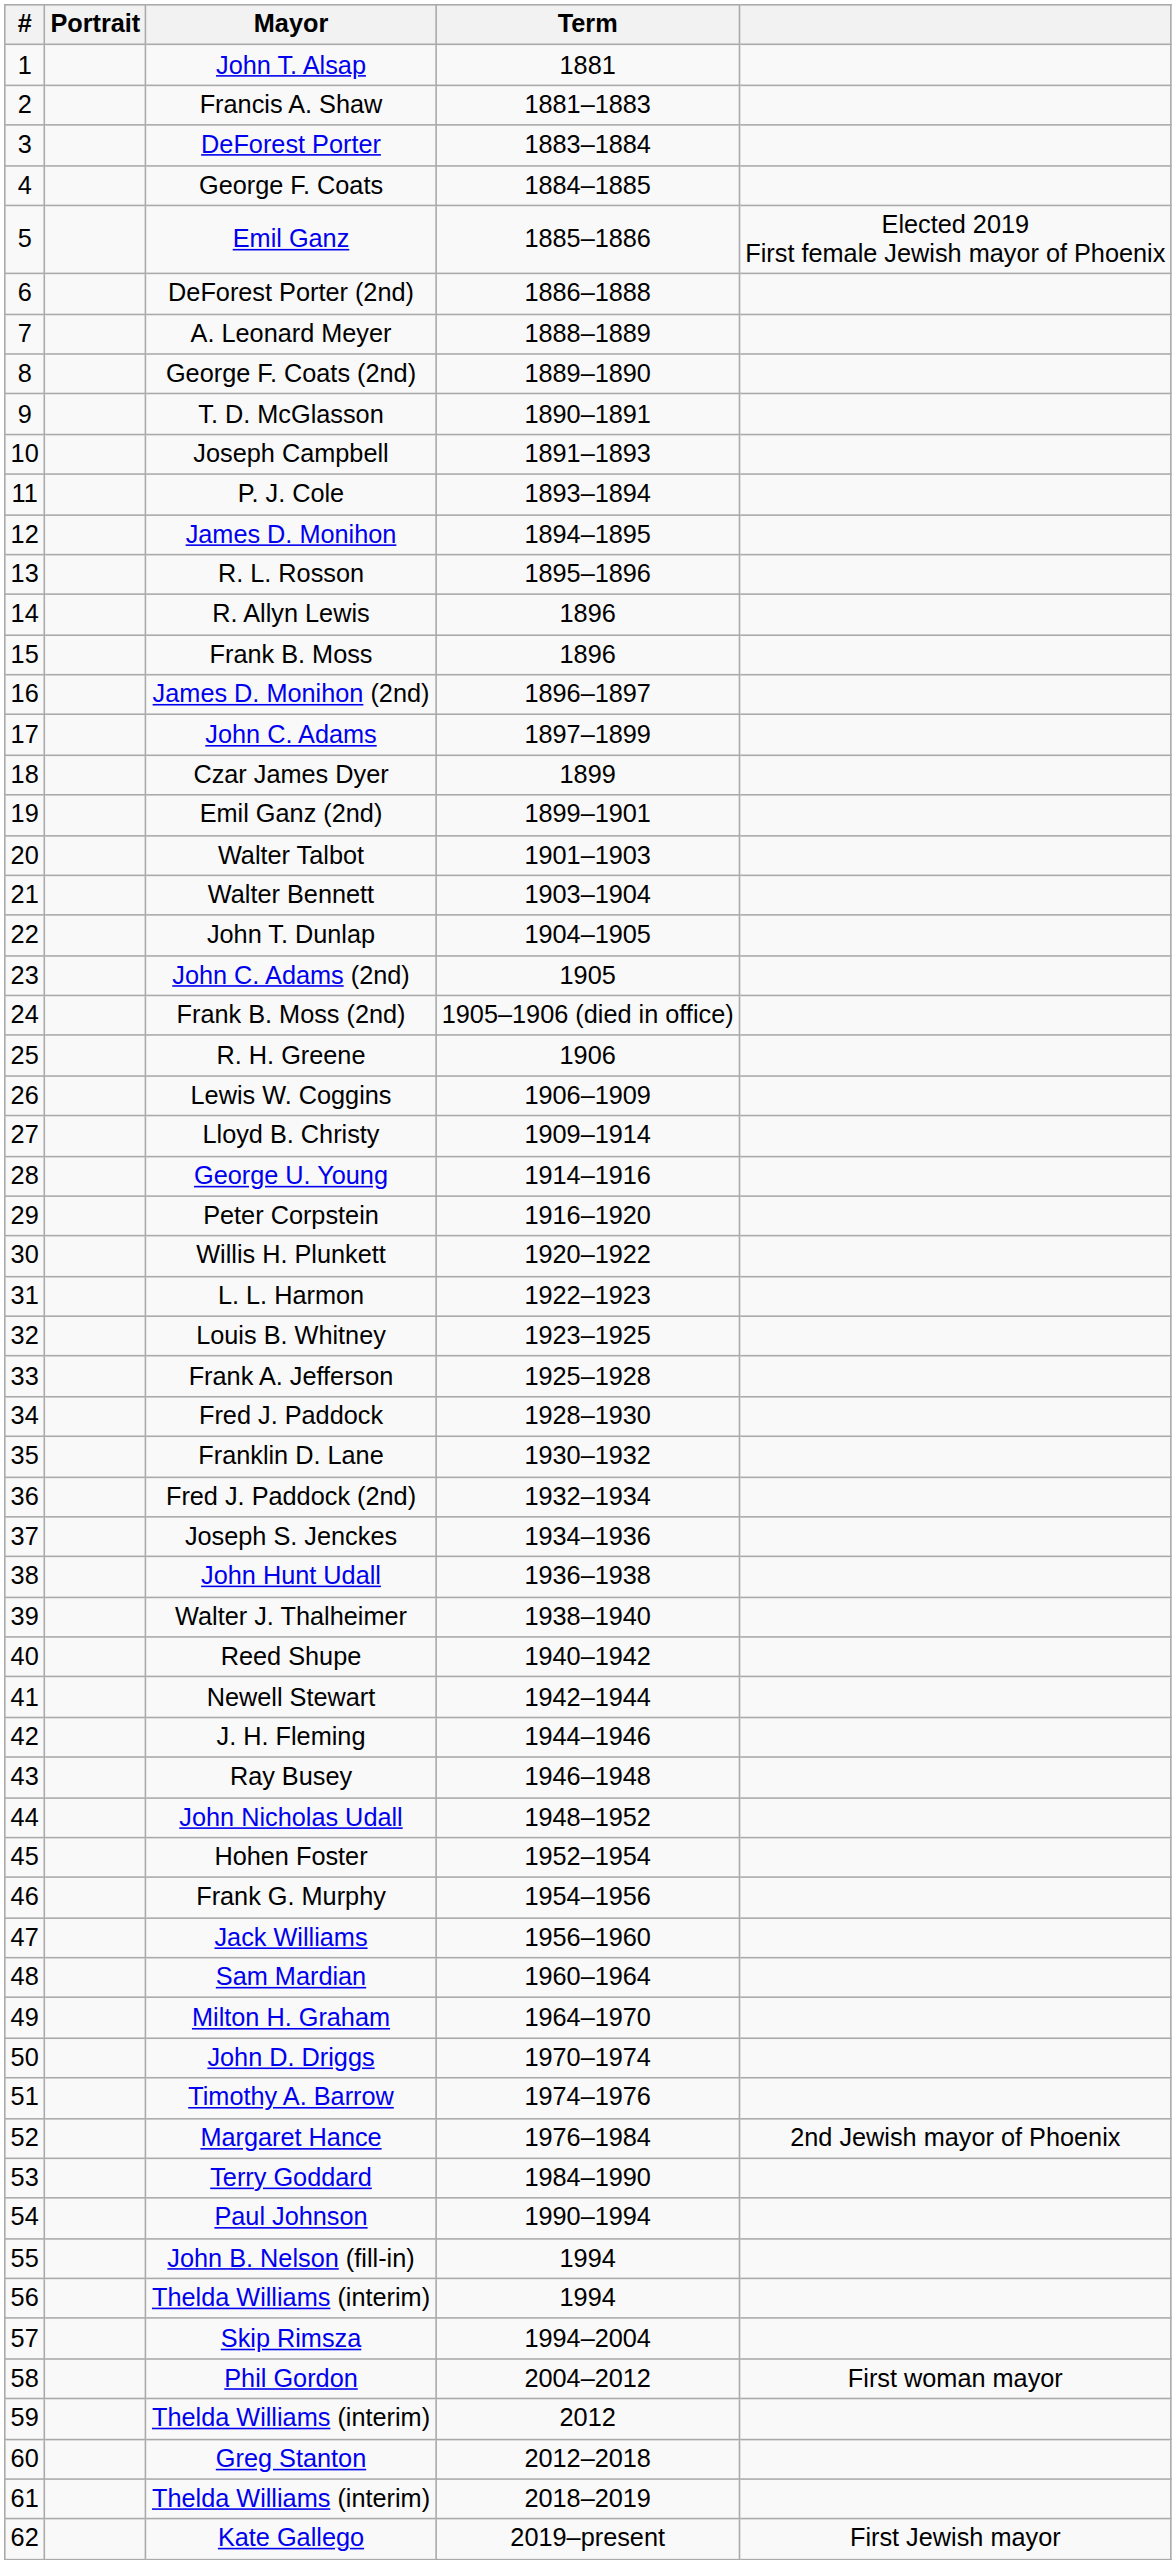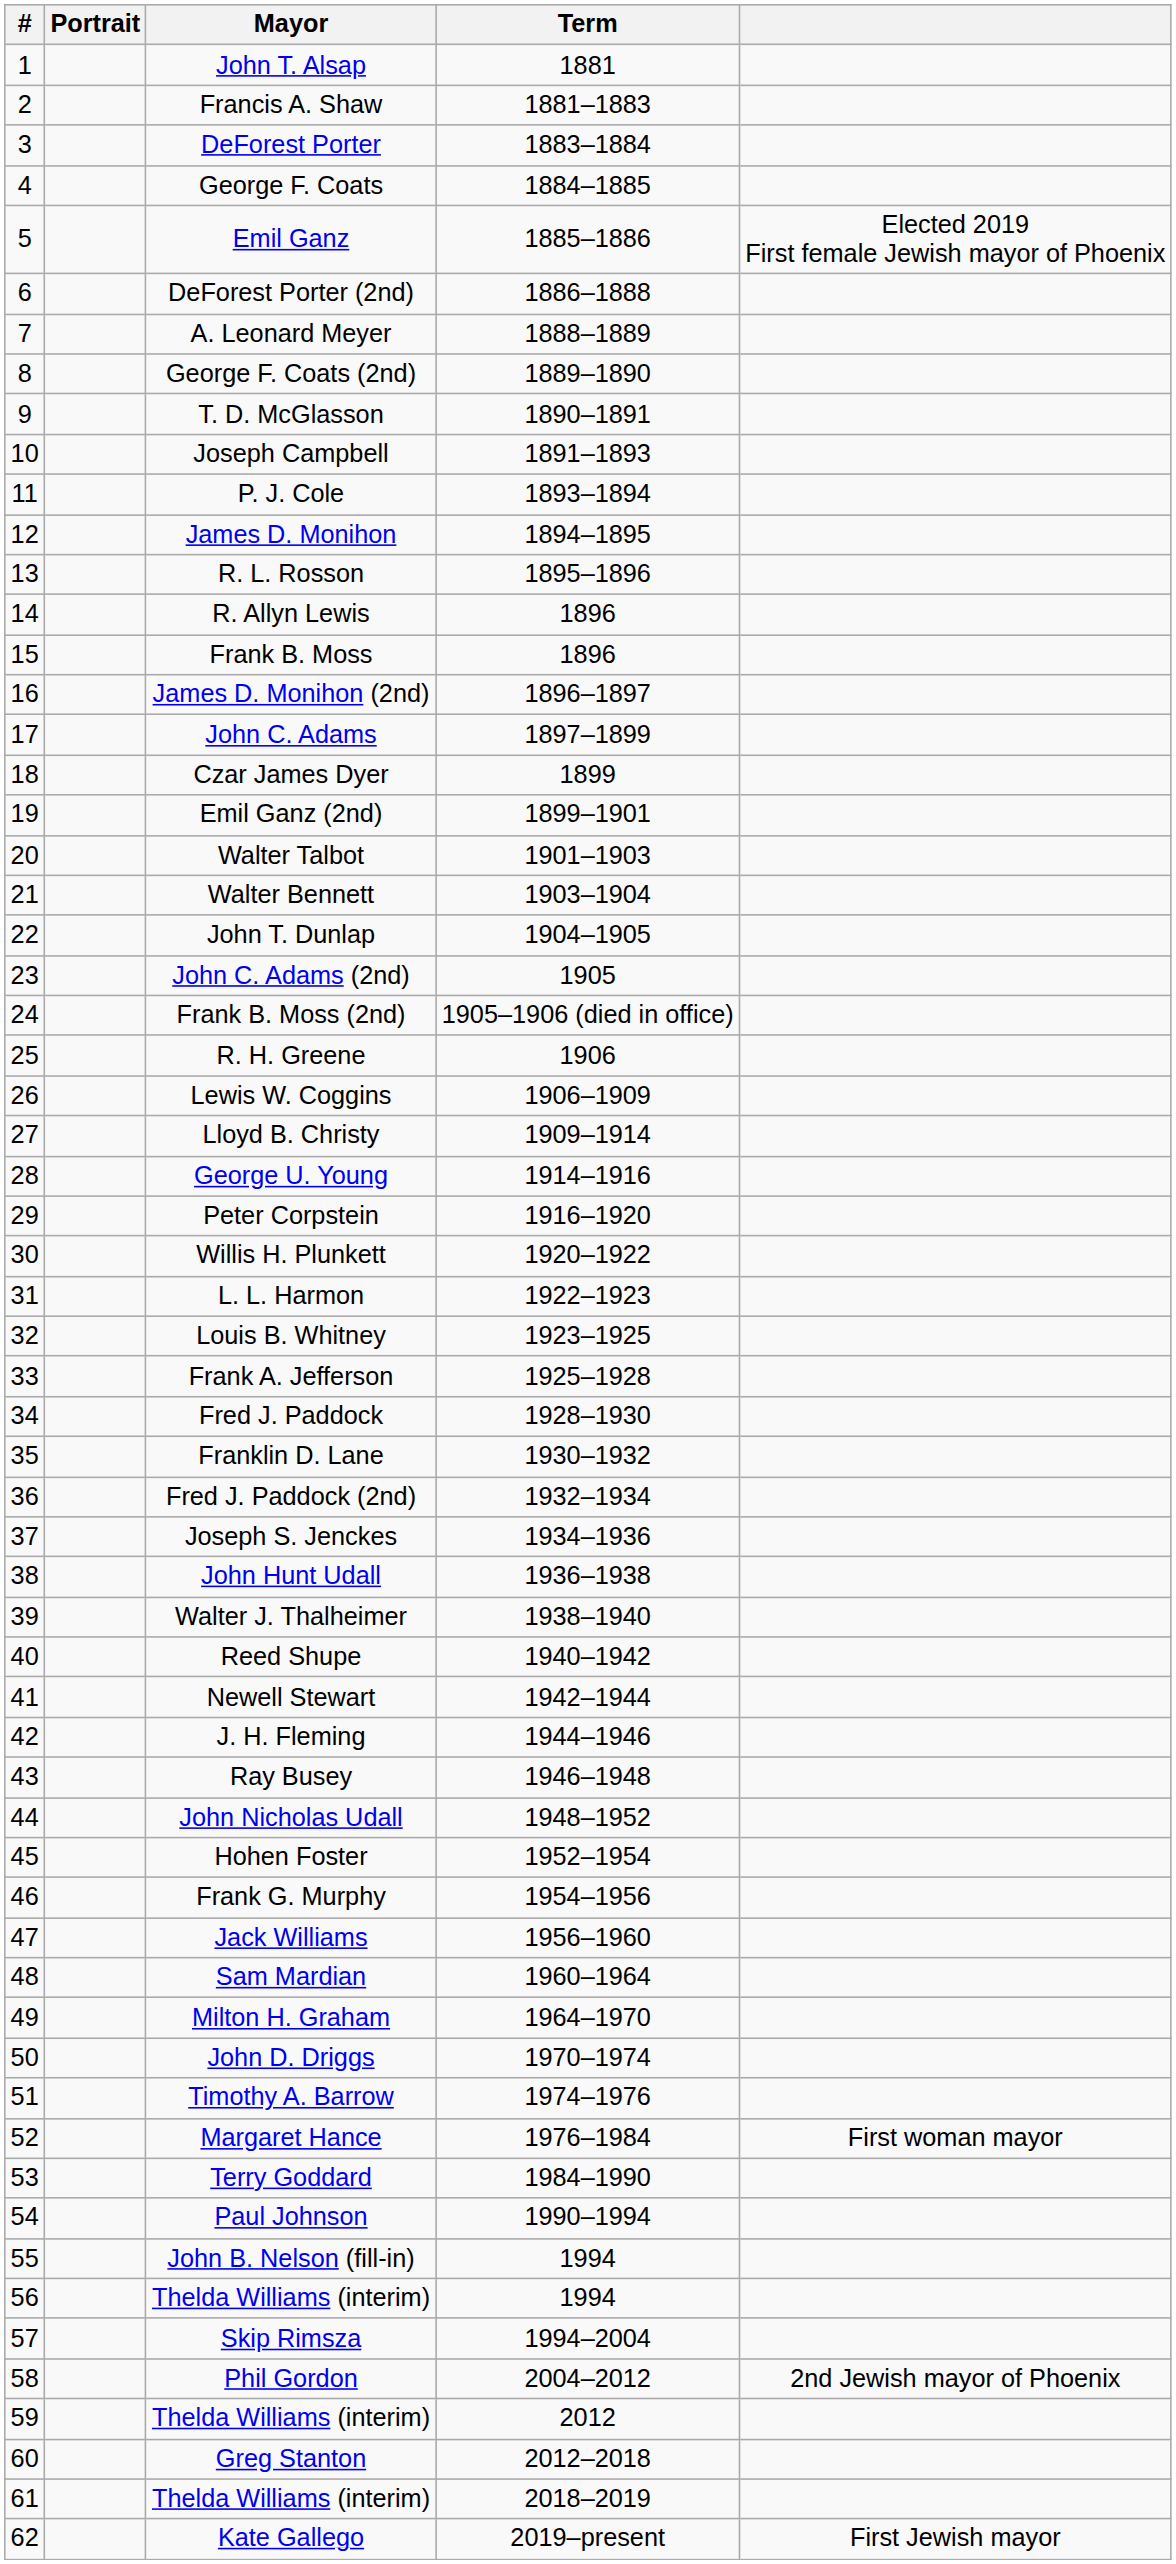 <table class="wikitable"  style="text-align:center;">
 <tr>
 <th>#</th>
 <th>Portrait</th>
 <th>Mayor</th>
 <th>Term</th>
 <th></th>
 </tr>
 <tr>
 <td>1</td>
 <td></td>
 <td><a href='#'>John T. Alsap</a></td>
 <td>1881</td>
 <td></td>
 </tr>
 <tr>
 <td>2</td>
 <td></td>
 <td>Francis A. Shaw</td>
 <td>1881–1883</td>
 <td></td>
 </tr>
 <tr>
 <td>3</td>
 <td></td>
 <td><a href='#'>DeForest Porter</a></td>
 <td>1883–1884</td>
 <td></td>
 </tr>
 <tr>
 <td>4</td>
 <td></td>
 <td>George F. Coats</td>
 <td>1884–1885</td>
 <td></td>
 </tr>
 <tr>
 <td>5</td>
 <td></td>
 <td><a href='#'>Emil Ganz</a></td>
 <td>1885–1886</td>
 <td>Elected 2019<br> First female Jewish mayor of Phoenix</td>
 </tr>
 <tr>
 <td>6</td>
 <td></td>
 <td>DeForest Porter (2nd)</td>
 <td>1886–1888</td>
 <td></td>
 </tr>
 <tr>
 <td>7</td>
 <td></td>
 <td>A. Leonard Meyer</td>
 <td>1888–1889</td>
 <td></td>
 </tr>
 <tr>
 <td>8</td>
 <td></td>
 <td>George F. Coats (2nd)</td>
 <td>1889–1890</td>
 <td></td>
 </tr>
 <tr>
 <td>9</td>
 <td></td>
 <td>T. D. McGlasson</td>
 <td>1890–1891</td>
 <td></td>
 </tr>
 <tr>
 <td>10</td>
 <td></td>
 <td>Joseph Campbell</td>
 <td>1891–1893</td>
 <td></td>
 </tr>
 <tr>
 <td>11</td>
 <td></td>
 <td>P. J. Cole</td>
 <td>1893–1894</td>
 <td></td>
 </tr>
 <tr>
 <td>12</td>
 <td></td>
 <td><a href='#'>James D. Monihon</a></td>
 <td>1894–1895</td>
 <td></td>
 </tr>
 <tr>
 <td>13</td>
 <td></td>
 <td>R. L. Rosson</td>
 <td>1895–1896</td>
 <td></td>
 </tr>
 <tr>
 <td>14</td>
 <td></td>
 <td>R. Allyn Lewis</td>
 <td>1896</td>
 <td></td>
 </tr>
 <tr>
 <td>15</td>
 <td></td>
 <td>Frank B. Moss</td>
 <td>1896</td>
 <td></td>
 </tr>
 <tr>
 <td>16</td>
 <td></td>
 <td><a href='#'>James D. Monihon</a> (2nd)</td>
 <td>1896–1897</td>
 <td></td>
 </tr>
 <tr>
 <td>17</td>
 <td></td>
 <td><a href='#'>John C. Adams</a></td>
 <td>1897–1899</td>
 <td></td>
 </tr>
 <tr>
 <td>18</td>
 <td></td>
 <td>Czar James Dyer</td>
 <td>1899</td>
 <td></td>
 </tr>
 <tr>
 <td>19</td>
 <td></td>
 <td>Emil Ganz (2nd)</td>
 <td>1899–1901</td>
 <td></td>
 </tr>
 <tr>
 <td>20</td>
 <td></td>
 <td>Walter Talbot</td>
 <td>1901–1903</td>
 <td></td>
 </tr>
 <tr>
 <td>21</td>
 <td></td>
 <td>Walter Bennett</td>
 <td>1903–1904</td>
 <td></td>
 </tr>
 <tr>
 <td>22</td>
 <td></td>
 <td>John T. Dunlap</td>
 <td>1904–1905</td>
 <td></td>
 </tr>
 <tr>
 <td>23</td>
 <td></td>
 <td><a href='#'>John C. Adams</a> (2nd)</td>
 <td>1905</td>
 <td></td>
 </tr>
 <tr>
 <td>24</td>
 <td></td>
 <td>Frank B. Moss (2nd)</td>
 <td>1905–1906 (died in office)</td>
 <td></td>
 </tr>
 <tr>
 <td>25</td>
 <td></td>
 <td>R. H. Greene</td>
 <td>1906</td>
 <td></td>
 </tr>
 <tr>
 <td>26</td>
 <td></td>
 <td>Lewis W. Coggins</td>
 <td>1906–1909</td>
 <td></td>
 </tr>
 <tr>
 <td>27</td>
 <td></td>
 <td>Lloyd B. Christy</td>
 <td>1909–1914</td>
 <td></td>
 </tr>
 <tr>
 <td>28</td>
 <td></td>
 <td><a href='#'>George U. Young</a></td>
 <td>1914–1916</td>
 <td></td>
 </tr>
 <tr>
 <td>29</td>
 <td></td>
 <td>Peter Corpstein</td>
 <td>1916–1920</td>
 <td></td>
 </tr>
 <tr>
 <td>30</td>
 <td></td>
 <td>Willis H. Plunkett</td>
 <td>1920–1922</td>
 <td></td>
 </tr>
 <tr>
 <td>31</td>
 <td></td>
 <td>L. L. Harmon</td>
 <td>1922–1923</td>
 <td></td>
 </tr>
 <tr>
 <td>32</td>
 <td></td>
 <td>Louis B. Whitney</td>
 <td>1923–1925</td>
 <td></td>
 </tr>
 <tr>
 <td>33</td>
 <td></td>
 <td>Frank A. Jefferson</td>
 <td>1925–1928</td>
 <td></td>
 </tr>
 <tr>
 <td>34</td>
 <td></td>
 <td>Fred J. Paddock</td>
 <td>1928–1930</td>
 <td></td>
 </tr>
 <tr>
 <td>35</td>
 <td></td>
 <td>Franklin D. Lane</td>
 <td>1930–1932</td>
 <td></td>
 </tr>
 <tr>
 <td>36</td>
 <td></td>
 <td>Fred J. Paddock (2nd)</td>
 <td>1932–1934</td>
 <td></td>
 </tr>
 <tr>
 <td>37</td>
 <td></td>
 <td>Joseph S. Jenckes</td>
 <td>1934–1936</td>
 <td></td>
 </tr>
 <tr>
 <td>38</td>
 <td></td>
 <td><a href='#'>John Hunt Udall</a></td>
 <td>1936–1938</td>
 <td></td>
 </tr>
 <tr>
 <td>39</td>
 <td></td>
 <td>Walter J. Thalheimer</td>
 <td>1938–1940</td>
 <td></td>
 </tr>
 <tr>
 <td>40</td>
 <td></td>
 <td>Reed Shupe</td>
 <td>1940–1942</td>
 <td></td>
 </tr>
 <tr>
 <td>41</td>
 <td></td>
 <td>Newell Stewart</td>
 <td>1942–1944</td>
 <td></td>
 </tr>
 <tr>
 <td>42</td>
 <td></td>
 <td>J. H. Fleming</td>
 <td>1944–1946</td>
 <td></td>
 </tr>
 <tr>
 <td>43</td>
 <td></td>
 <td>Ray Busey</td>
 <td>1946–1948</td>
 <td></td>
 </tr>
 <tr>
 <td>44</td>
 <td></td>
 <td><a href='#'>John Nicholas Udall</a></td>
 <td>1948–1952</td>
 <td></td>
 </tr>
 <tr>
 <td>45</td>
 <td></td>
 <td>Hohen Foster</td>
 <td>1952–1954</td>
 <td></td>
 </tr>
 <tr>
 <td>46</td>
 <td></td>
 <td>Frank G. Murphy</td>
 <td>1954–1956</td>
 <td></td>
 </tr>
 <tr>
 <td>47</td>
 <td></td>
 <td><a href='#'>Jack Williams</a></td>
 <td>1956–1960</td>
 <td></td>
 </tr>
 <tr>
 <td>48</td>
 <td></td>
 <td><a href='#'>Sam Mardian</a></td>
 <td>1960–1964</td>
 <td></td>
 </tr>
 <tr>
 <td>49</td>
 <td></td>
 <td><a href='#'>Milton H. Graham</a></td>
 <td>1964–1970</td>
 <td></td>
 </tr>
 <tr>
 <td>50</td>
 <td></td>
 <td><a href='#'>John D. Driggs</a></td>
 <td>1970–1974</td>
 <td></td>
 </tr>
 <tr>
 <td>51</td>
 <td></td>
 <td><a href='#'>Timothy A. Barrow</a></td>
 <td>1974–1976</td>
 <td></td>
 </tr>
 <tr>
 <td>52</td>
 <td></td>
 <td><a href='#'>Margaret Hance</a></td>
 <td>1976–1984</td>
-<td>2nd Jewish mayor of Phoenix</td>
+<td>First woman mayor</td>
 </tr>
 <tr>
 <td>53</td>
 <td></td>
 <td><a href='#'>Terry Goddard</a></td>
 <td>1984–1990</td>
 <td></td>
 </tr>
 <tr>
 <td>54</td>
 <td></td>
 <td><a href='#'>Paul Johnson</a></td>
 <td>1990–1994</td>
 <td></td>
 </tr>
 <tr>
 <td>55</td>
 <td></td>
 <td><a href='#'>John B. Nelson</a> (fill-in)</td>
 <td>1994</td>
 <td></td>
 </tr>
 <tr>
 <td>56</td>
 <td></td>
 <td><a href='#'>Thelda Williams</a> (interim)</td>
 <td>1994</td>
 <td></td>
 </tr>
 <tr>
 <td>57</td>
 <td></td>
 <td><a href='#'>Skip Rimsza</a></td>
 <td>1994–2004</td>
 <td></td>
 </tr>
 <tr>
 <td>58</td>
 <td></td>
 <td><a href='#'>Phil Gordon</a></td>
 <td>2004–2012</td>
-<td>First woman mayor</td>
+<td>2nd Jewish mayor of Phoenix</td>
 </tr>
 <tr>
 <td>59</td>
 <td></td>
 <td><a href='#'>Thelda Williams</a> (interim)</td>
 <td>2012</td>
 <td></td>
 </tr>
 <tr>
 <td>60</td>
 <td></td>
 <td><a href='#'>Greg Stanton</a></td>
 <td>2012–2018</td>
 <td></td>
 </tr>
 <tr>
 <td>61</td>
 <td></td>
 <td><a href='#'>Thelda Williams</a> (interim)</td>
 <td>2018–2019</td>
 <td></td>
 </tr>
 <tr>
 <td>62</td>
 <td></td>
 <td><a href='#'>Kate Gallego</a></td>
 <td>2019–present</td>
 <td>First Jewish mayor</td>
 </tr>
 </table>
